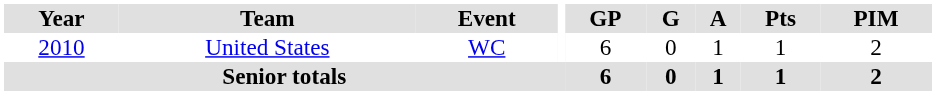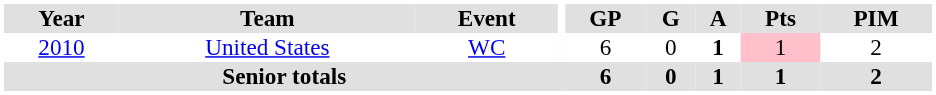 <table border="0" cellpadding="1" cellspacing="0" ID="Table3" style="text-align:center; width:40em">
 <tr bgcolor="#e0e0e0">
 <th>Year</th>
 <th>Team</th>
 <th>Event</th>
 <th rowspan="102" bgcolor="#ffffff"></th>
 <th>GP</th>
 <th>G</th>
 <th>A</th>
 <th>Pts</th>
 <th>PIM</th>
 </tr>
 <tr>
 <td><a href='#'>2010</a></td>
 <td><a href='#'>United States</a></td>
 <td><a href='#'>WC</a></td>
 <td>6</td>
 <td>0</td>
-<td>1</td>
-<td>1</td>
+<td><strong>1</strong></td>
+<td style="background: pink;">1</td>
 <td>2</td>
 </tr>
 <tr bgcolor="#e0e0e0">
 <th colspan=4>Senior totals</th>
 <th>6</th>
 <th>0</th>
 <th>1</th>
 <th>1</th>
 <th>2</th>
 </tr>
 </table>
